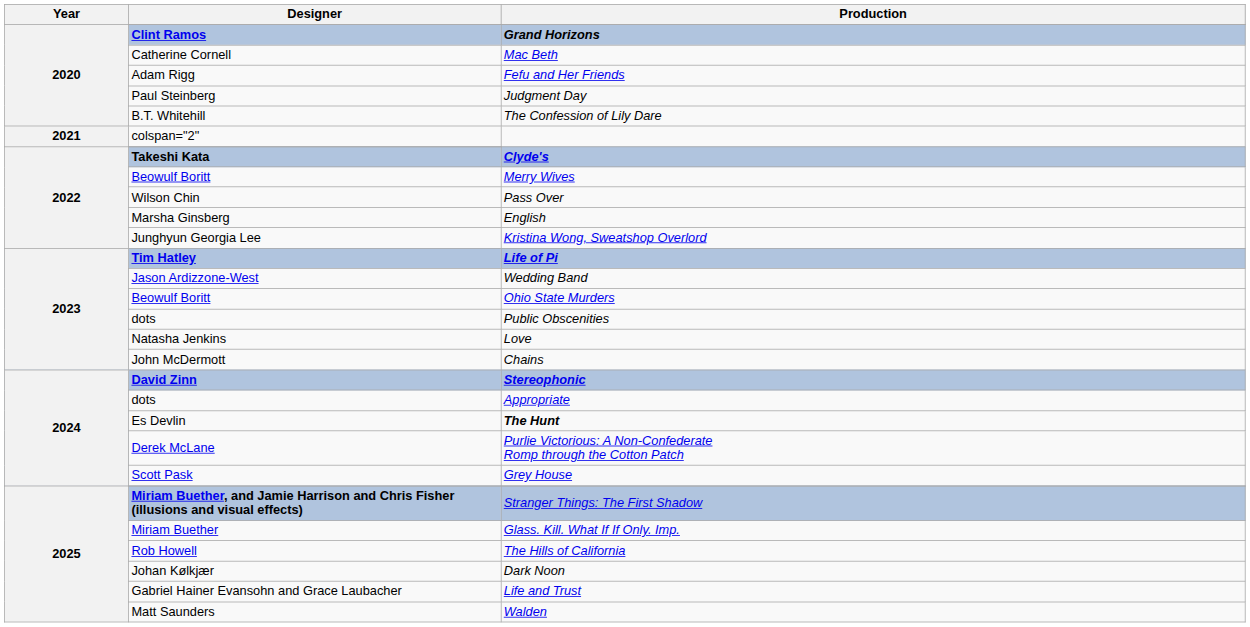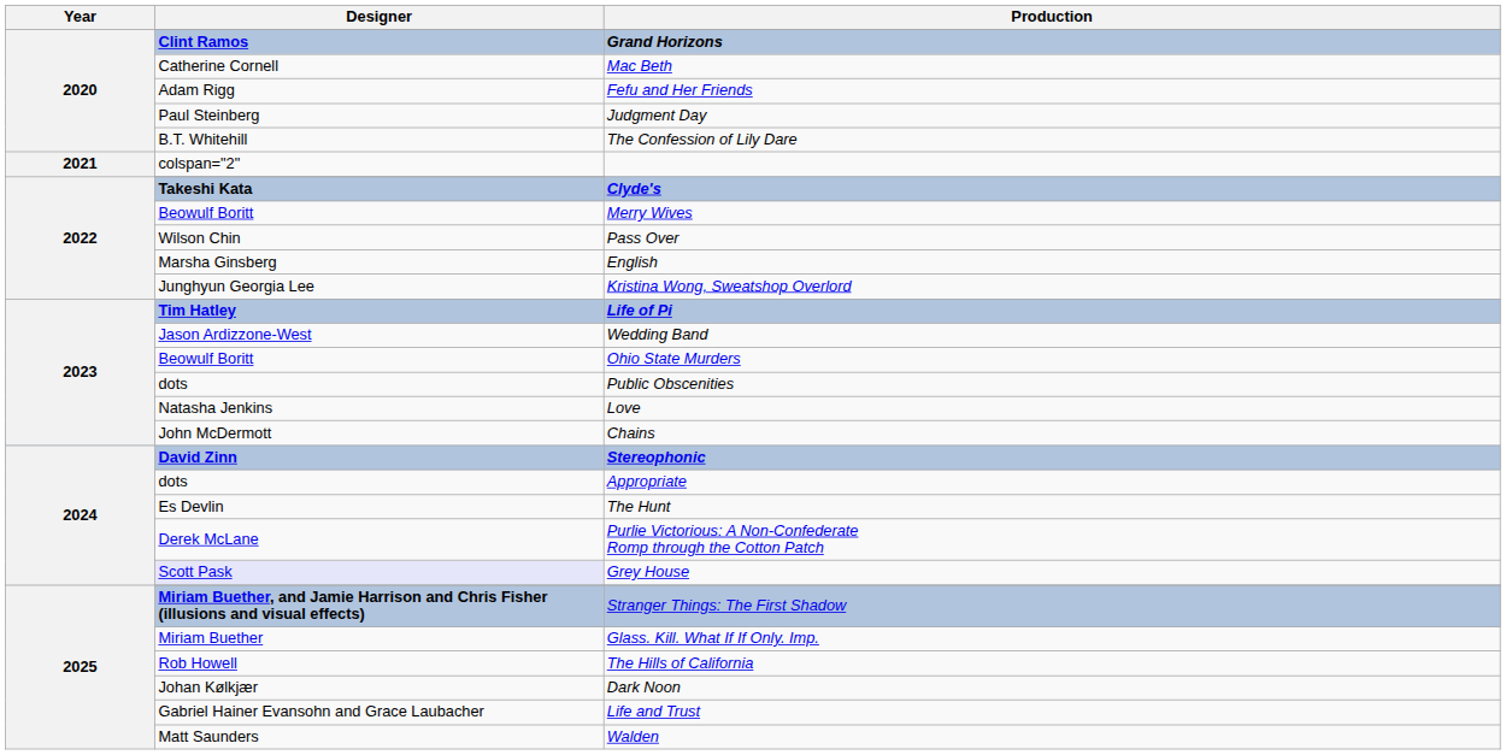 <table class="wikitable" style="width:98%;">
 <tr style="background:#bebebe;">
 <th style="width:10%;">Year</th>
 <th style="width:30%;">Designer</th>
 <th style="width:60%;">Production</th>
 </tr>
 <tr>
 <th rowspan="6">2020</th>
 </tr>
 <tr style="background:#B0C4DE">
 <td><strong><a href='#'>Clint Ramos</a></strong></td>
 <td><strong><em>Grand Horizons</em></strong></td>
 </tr>
 <tr>
 <td>Catherine Cornell</td>
 <td><em><a href='#'>Mac Beth</a></em></td>
 </tr>
 <tr>
 <td>Adam Rigg</td>
 <td><em><a href='#'>Fefu and Her Friends</a></em></td>
 </tr>
 <tr>
 <td>Paul Steinberg</td>
 <td><em>Judgment Day</em></td>
 </tr>
 <tr>
 <td>B.T. Whitehill</td>
 <td><em>The Confession of Lily Dare</em></td>
 </tr>
 <tr>
 <th>2021</th>
 <td>colspan="2" </td>
 </tr>
 <tr>
 <th rowspan="6">2022</th>
 </tr>
 <tr style="background:#B0C4DE">
 <td><strong>Takeshi Kata</strong></td>
 <td><strong><em><a href='#'>Clyde's</a></em></strong></td>
 </tr>
 <tr>
 <td><a href='#'>Beowulf Boritt</a></td>
 <td><em><a href='#'>Merry Wives</a></em></td>
 </tr>
 <tr>
 <td>Wilson Chin</td>
 <td><em>Pass Over</em></td>
 </tr>
 <tr>
 <td>Marsha Ginsberg</td>
 <td><em>English</em></td>
 </tr>
 <tr>
 <td>Junghyun Georgia Lee</td>
 <td><em><a href='#'>Kristina Wong, Sweatshop Overlord</a></em></td>
 </tr>
 <tr style="background:#B0C4DE">
 <th rowspan="6">2023</th>
 <td><strong><a href='#'>Tim Hatley</a></strong></td>
 <td><strong><em><a href='#'>Life of Pi</a></em></strong></td>
 </tr>
 <tr>
 <td><a href='#'>Jason Ardizzone-West</a></td>
 <td><em>Wedding Band</em></td>
 </tr>
 <tr>
 <td><a href='#'>Beowulf Boritt</a></td>
 <td><em><a href='#'>Ohio State Murders</a></em></td>
 </tr>
 <tr>
 <td>dots</td>
 <td><em>Public Obscenities</em></td>
 </tr>
 <tr>
 <td>Natasha Jenkins</td>
 <td><em>Love</em></td>
 </tr>
 <tr>
 <td>John McDermott</td>
 <td><em>Chains</em></td>
 </tr>
 <tr style="background:#B0C4DE">
 <th rowspan="5">2024</th>
 <td><strong><a href='#'>David Zinn</a></strong></td>
 <td><strong><em><a href='#'>Stereophonic</a></em></strong></td>
 </tr>
 <tr>
 <td>dots</td>
 <td><em><a href='#'>Appropriate</a></em></td>
 </tr>
 <tr>
 <td>Es Devlin</td>
-<td><strong><em>The Hunt</em></strong></td>
+<td><em>The Hunt</em></td>
 </tr>
 <tr>
 <td><a href='#'>Derek McLane</a></td>
 <td><em><a href='#'>Purlie Victorious: A Non-Confederate<br>Romp through the Cotton Patch</a></em></td>
 </tr>
 <tr>
-<td><a href='#'>Scott Pask</a></td>
+<td style="background: lavender;"><a href='#'>Scott Pask</a></td>
 <td><em><a href='#'>Grey House</a></em></td>
 </tr>
 <tr>
 <th rowspan="7">2025</th>
 </tr>
 <tr style="background:#B0C4DE">
 <td><strong><a href='#'>Miriam Buether</a>, and Jamie Harrison and Chris Fisher (illusions and visual effects)</strong></td>
 <td><em><a href='#'>Stranger Things: The First Shadow</a></em></td>
 </tr>
 <tr>
 <td><a href='#'>Miriam Buether</a></td>
 <td><em><a href='#'>Glass. Kill. What If If Only. Imp.</a></em></td>
 </tr>
 <tr>
 <td><a href='#'>Rob Howell</a></td>
 <td><em><a href='#'>The Hills of California</a></em></td>
 </tr>
 <tr>
 <td>Johan Kølkjær</td>
 <td><em>Dark Noon</em></td>
 </tr>
 <tr>
 <td>Gabriel Hainer Evansohn and Grace Laubacher</td>
 <td><em><a href='#'>Life and Trust</a></em></td>
 </tr>
 <tr>
 <td>Matt Saunders</td>
 <td><em><a href='#'>Walden</a></em></td>
 </tr>
 </table>
